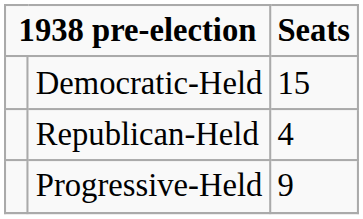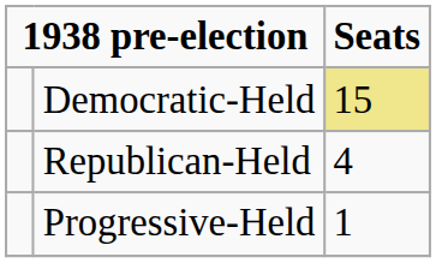 <table class= "wikitable">
 <tr>
 <td colspan= "2" rowspan= "1" align= "center" valign= "top"><strong>1938 pre-election</strong></td>
 <td valign= "top"><strong>Seats</strong><br></td>
 </tr>
 <tr>
 <td style="background-color:"> </td>
 <td>Democratic-Held</td>
-<td>15</td>
+<td style="background: khaki;">15</td>
 </tr>
 <tr>
 <td style="background-color:"> </td>
 <td>Republican-Held</td>
 <td>4</td>
 </tr>
 <tr>
 <td style="background-color:"> </td>
 <td>Progressive-Held</td>
-<td>9</td>
+<td>1</td>
 </tr>
 <tr>
 </tr>
 </table>
